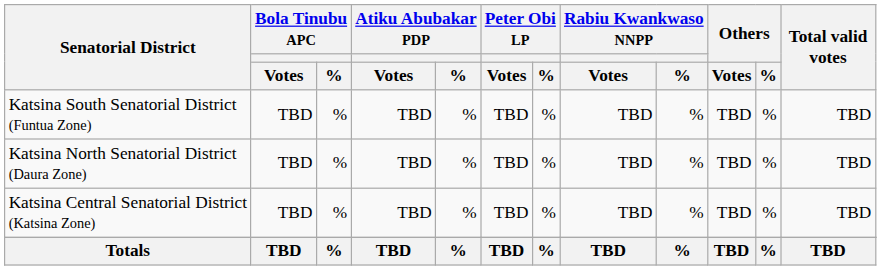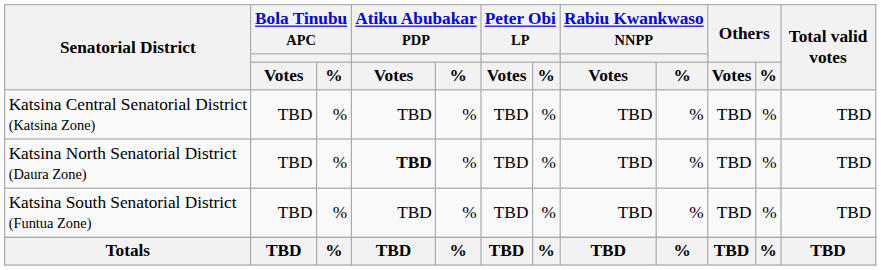 <table class="wikitable sortable" style="text-align:right; font-size:90%">
 <tr>
 <th rowspan="3" style="max-width:7.5em;">Senatorial District</th>
 <th colspan="2"><a href='#'>Bola Tinubu</a><br><small>APC</small></th>
 <th colspan="2"><a href='#'>Atiku Abubakar</a><br><small>PDP</small></th>
 <th colspan="2"><a href='#'>Peter Obi</a><br><small>LP</small></th>
 <th colspan="2"><a href='#'>Rabiu Kwankwaso</a><br><small>NNPP</small></th>
 <th colspan="2" rowspan="2">Others</th>
 <th rowspan="3" style="max-width:5em;">Total valid votes</th>
 </tr>
 <tr>
 <th colspan=2 style="background-color:"></th>
 <th colspan=2 style="background-color:"></th>
 <th colspan=2 style="background-color:"></th>
 <th colspan=2 style="background-color:"></th>
 </tr>
 <tr>
 <th>Votes</th>
 <th>%</th>
 <th>Votes</th>
 <th>%</th>
 <th>Votes</th>
 <th>%</th>
 <th>Votes</th>
 <th>%</th>
 <th>Votes</th>
 <th>%</th>
 </tr>
 <tr style="background-color:#">
-<td style="text-align:left;">Katsina South Senatorial District<br><small>(Funtua Zone)</small></td>
+<td style="text-align:left;">Katsina Central Senatorial District<br><small>(Katsina Zone)</small></td>
 <td>TBD</td>
 <td>%</td>
 <td>TBD</td>
 <td>%</td>
 <td>TBD</td>
 <td>%</td>
 <td>TBD</td>
 <td>%</td>
 <td>TBD</td>
 <td>%</td>
 <td>TBD</td>
 </tr>
 <tr style="background-color:#">
 <td style="text-align:left;">Katsina North Senatorial District<br><small>(Daura Zone)</small></td>
 <td>TBD</td>
 <td>%</td>
-<td>TBD</td>
+<td><strong>TBD</strong></td>
 <td>%</td>
 <td>TBD</td>
 <td>%</td>
 <td>TBD</td>
 <td>%</td>
 <td>TBD</td>
 <td>%</td>
 <td>TBD</td>
 </tr>
 <tr style="background-color:#">
-<td style="text-align:left;">Katsina Central Senatorial District<br><small>(Katsina Zone)</small></td>
+<td style="text-align:left;">Katsina South Senatorial District<br><small>(Funtua Zone)</small></td>
 <td>TBD</td>
 <td>%</td>
 <td>TBD</td>
 <td>%</td>
 <td>TBD</td>
 <td>%</td>
 <td>TBD</td>
 <td>%</td>
 <td>TBD</td>
 <td>%</td>
 <td>TBD</td>
 </tr>
 <tr>
 </tr>
 <tr>
 <th>Totals</th>
 <th>TBD</th>
 <th>%</th>
 <th>TBD</th>
 <th>%</th>
 <th>TBD</th>
 <th>%</th>
 <th>TBD</th>
 <th>%</th>
 <th>TBD</th>
 <th>%</th>
 <th>TBD</th>
 </tr>
 </table>
